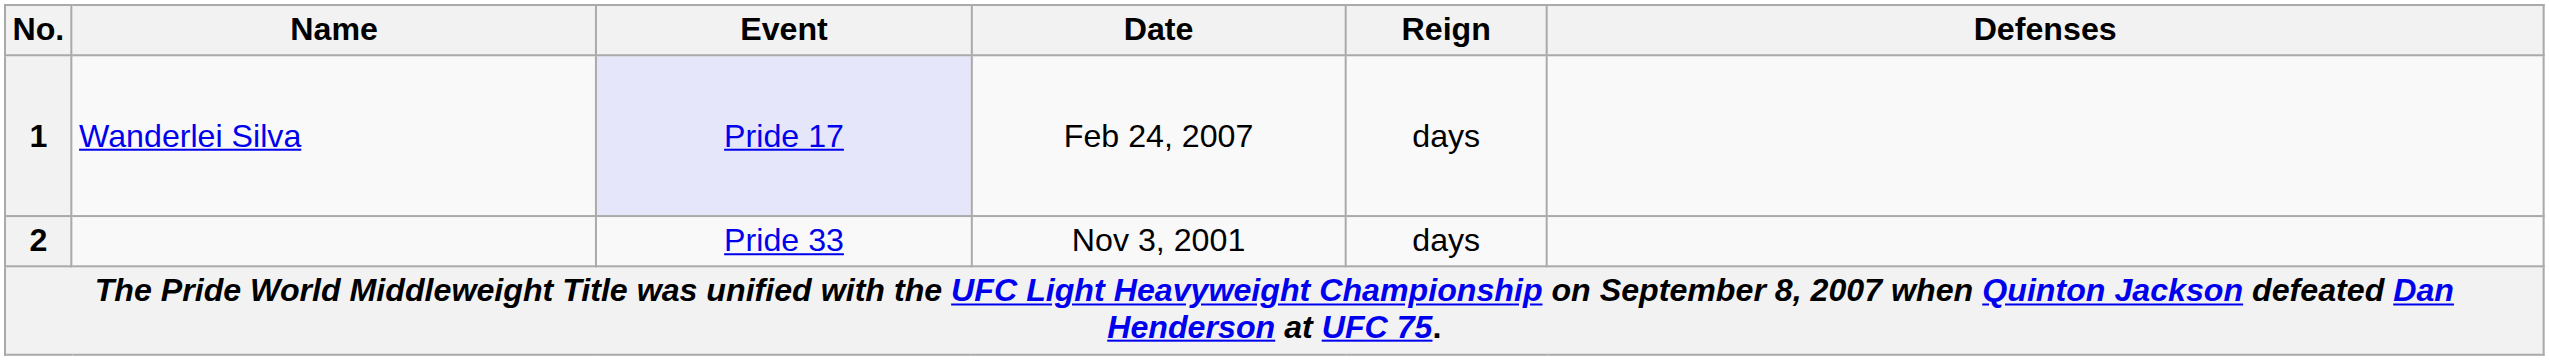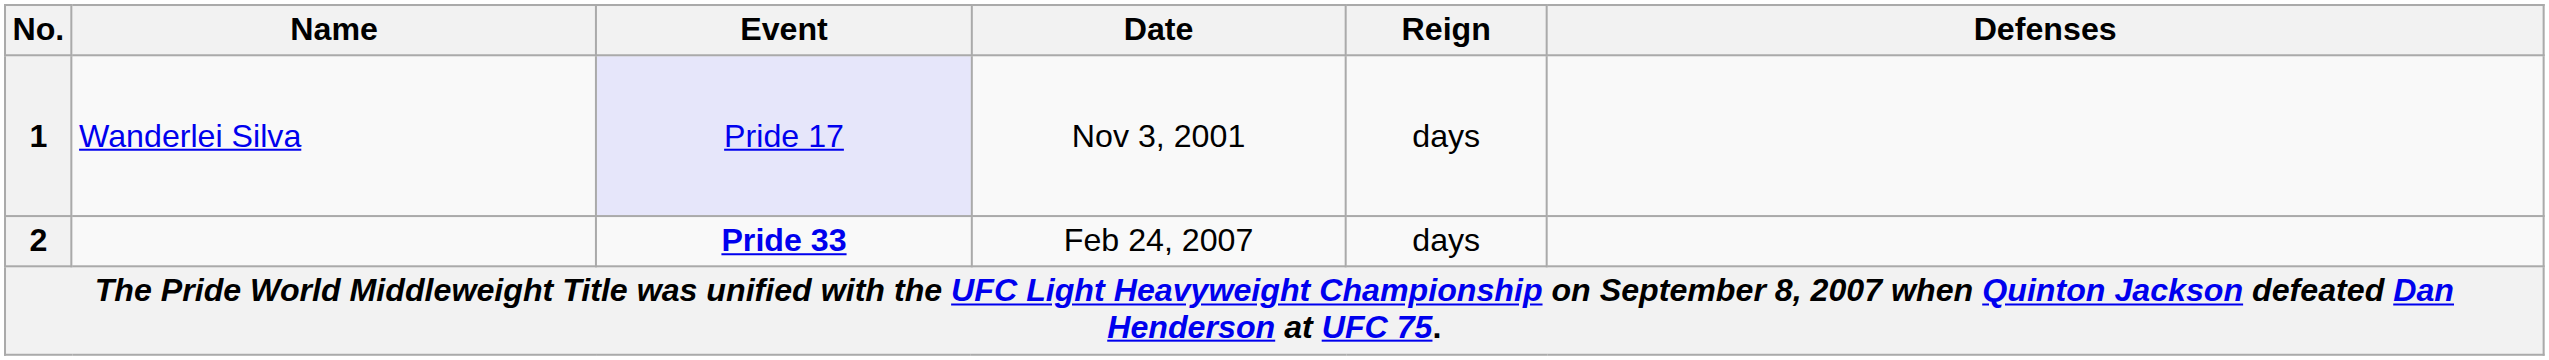 <table class="wikitable" width=100%>
 <tr>
 <th width=1%>No.</th>
 <th width=21%>Name</th>
 <th width=15%>Event</th>
 <th width=15%>Date</th>
 <th width=8%>Reign</th>
 <th width=48%>Defenses</th>
 </tr>
 <tr>
 <th>1</th>
 <td align=left> <a href='#'>Wanderlei Silva</a><br> </td>
 <td align=center style="background: lavender;"><a href='#'>Pride 17</a><br></td>
-<td align=center>Feb 24, 2007</td>
+<td align=center>Nov 3, 2001</td>
 <td align=center> days</td>
 <td><br><br> <br><br></td>
 </tr>
 <tr>
 <th>2</th>
 <td align=left></td>
-<td align=center><a href='#'>Pride 33</a><br></td>
-<td align=center>Nov 3, 2001</td>
+<td align=center><strong><a href='#'>Pride 33</a><br></strong></td>
+<td align=center>Feb 24, 2007</td>
 <td align=center> days</td>
 <td></td>
 </tr>
 <tr>
 <th align=center colspan=6><em>The Pride World Middleweight Title was unified with the <a href='#'>UFC Light Heavyweight Championship</a> on September 8, 2007 when <a href='#'>Quinton Jackson</a> defeated <a href='#'>Dan Henderson</a> at <a href='#'>UFC 75</a></em>.</th>
 </tr>
 </table>
